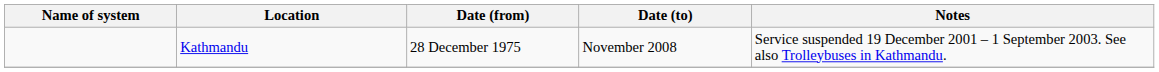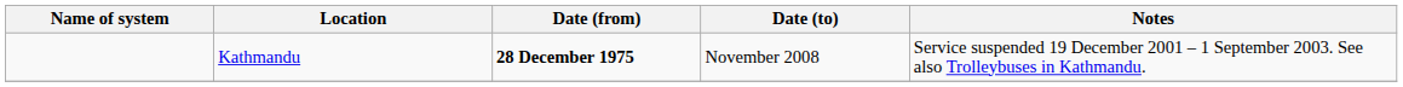 <table class="wikitable" width=100%>
 <tr>
 <th width=15%>Name of system</th>
 <th width=20%>Location</th>
 <th width=15%>Date (from)</th>
 <th width=15%>Date (to)</th>
 <th width=35%>Notes</th>
 </tr>
 <tr>
 <td> </td>
 <td><a href='#'>Kathmandu</a></td>
-<td>28 December 1975</td>
+<td><strong>28 December 1975</strong></td>
 <td>November 2008</td>
 <td>Service suspended 19 December 2001 – 1 September 2003. See also <a href='#'>Trolleybuses in Kathmandu</a>.</td>
 </tr>
 <tr>
 </tr>
 </table>
